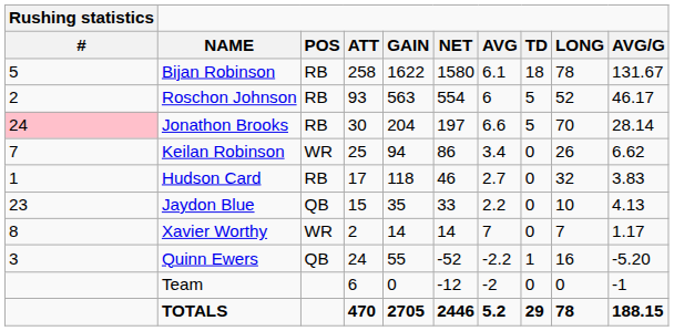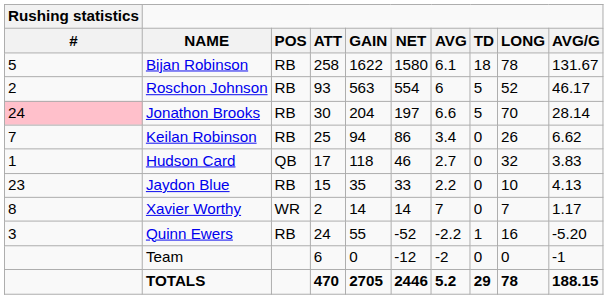 <table class="wikitable">
 <tr>
 <th style="text-align:center; ">Rushing statistics</th>
 </tr>
 <tr>
 <th>#</th>
 <th>NAME</th>
 <th>POS</th>
 <th>ATT</th>
 <th>GAIN</th>
 <th>NET</th>
 <th>AVG</th>
 <th>TD</th>
 <th>LONG</th>
 <th>AVG/G</th>
 </tr>
 <tr>
 <td>5</td>
 <td><a href='#'>Bijan Robinson</a></td>
 <td>RB</td>
 <td>258</td>
 <td>1622</td>
 <td>1580</td>
 <td>6.1</td>
 <td>18</td>
 <td>78</td>
 <td>131.67</td>
 </tr>
 <tr>
 <td>2</td>
 <td><a href='#'>Roschon Johnson</a></td>
 <td>RB</td>
 <td>93</td>
 <td>563</td>
 <td>554</td>
 <td>6</td>
 <td>5</td>
 <td>52</td>
 <td>46.17</td>
 </tr>
 <tr>
 <td style="background: pink;">24</td>
 <td><a href='#'>Jonathon Brooks</a></td>
 <td>RB</td>
 <td>30</td>
 <td>204</td>
 <td>197</td>
 <td>6.6</td>
 <td>5</td>
 <td>70</td>
 <td>28.14</td>
 </tr>
 <tr>
 <td>7</td>
 <td><a href='#'>Keilan Robinson</a></td>
-<td>WR</td>
+<td>RB</td>
 <td>25</td>
 <td>94</td>
 <td>86</td>
 <td>3.4</td>
 <td>0</td>
 <td>26</td>
 <td>6.62</td>
 </tr>
 <tr>
 <td>1</td>
 <td><a href='#'>Hudson Card</a></td>
-<td>RB</td>
+<td>QB</td>
 <td>17</td>
 <td>118</td>
 <td>46</td>
 <td>2.7</td>
 <td>0</td>
 <td>32</td>
 <td>3.83</td>
 </tr>
 <tr>
 <td>23</td>
 <td><a href='#'>Jaydon Blue</a></td>
-<td>QB</td>
+<td>RB</td>
 <td>15</td>
 <td>35</td>
 <td>33</td>
 <td>2.2</td>
 <td>0</td>
 <td>10</td>
 <td>4.13</td>
 </tr>
 <tr>
 <td>8</td>
 <td><a href='#'>Xavier Worthy</a></td>
 <td>WR</td>
 <td>2</td>
 <td>14</td>
 <td>14</td>
 <td>7</td>
 <td>0</td>
 <td>7</td>
 <td>1.17</td>
 </tr>
 <tr>
 <td>3</td>
 <td><a href='#'>Quinn Ewers</a></td>
-<td>QB</td>
+<td>RB</td>
 <td>24</td>
 <td>55</td>
 <td>-52</td>
 <td>-2.2</td>
 <td>1</td>
 <td>16</td>
 <td>-5.20</td>
 </tr>
 <tr>
 <td></td>
 <td>Team</td>
 <td></td>
 <td>6</td>
 <td>0</td>
 <td>-12</td>
 <td>-2</td>
 <td>0</td>
 <td>0</td>
 <td>-1</td>
 </tr>
 <tr>
 <td></td>
 <td><strong>TOTALS</strong></td>
 <td></td>
 <td><strong>470</strong></td>
 <td><strong>2705</strong></td>
 <td><strong>2446</strong></td>
 <td><strong>5.2</strong></td>
 <td><strong>29</strong></td>
 <td><strong>78</strong></td>
 <td><strong>188.15</strong></td>
 </tr>
 </table>
